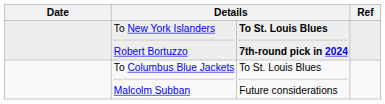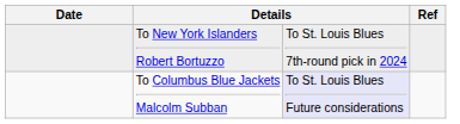 <table class="wikitable">
 <tr>
 <th style="width: 10em;">Date</th>
 <th colspan=2>Details</th>
 <th style="width: 2.5em;">Ref</th>
 </tr>
 <tr style="background:#eee;">
 <td></td>
 <td valign="top">To <a href='#'>New York Islanders</a><hr><a href='#'>Robert Bortuzzo</a></td>
-<td valign="top"><strong>To St. Louis Blues<hr>7th-round pick in <a href='#'>2024</a></strong></td>
+<td valign="top">To St. Louis Blues<hr>7th-round pick in <a href='#'>2024</a></td>
 <td></td>
 </tr>
 <tr>
 <td></td>
 <td valign="top">To <a href='#'>Columbus Blue Jackets</a><hr><a href='#'>Malcolm Subban</a></td>
-<td valign="top">To St. Louis Blues<hr>Future considerations</td>
+<td valign="top" style="background: lavender;">To St. Louis Blues<hr>Future considerations</td>
 <td></td>
 </tr>
 </table>
